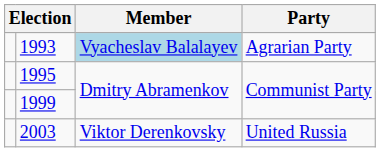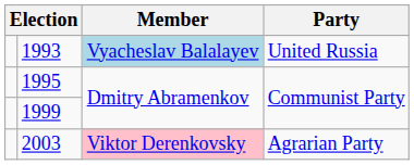 <table class="wikitable">
 <tr>
 <th colspan="2">Election</th>
 <th>Member</th>
 <th>Party</th>
 </tr>
 <tr>
 <td style="background-color:"></td>
 <td><a href='#'>1993</a></td>
 <td style="background: lightblue;"><a href='#'>Vyacheslav Balalayev</a></td>
-<td><a href='#'>Agrarian Party</a></td>
+<td><a href='#'>United Russia</a></td>
 </tr>
 <tr>
 <td style="background-color:"></td>
 <td><a href='#'>1995</a></td>
 <td rowspan=2><a href='#'>Dmitry Abramenkov</a></td>
 <td rowspan=2><a href='#'>Communist Party</a></td>
 </tr>
 <tr>
 <td style="background-color:"></td>
 <td><a href='#'>1999</a></td>
 </tr>
 <tr>
 <td style="background-color:"></td>
 <td><a href='#'>2003</a></td>
-<td><a href='#'>Viktor Derenkovsky</a></td>
-<td><a href='#'>United Russia</a></td>
+<td style="background: pink;"><a href='#'>Viktor Derenkovsky</a></td>
+<td><a href='#'>Agrarian Party</a></td>
 </tr>
 </table>
